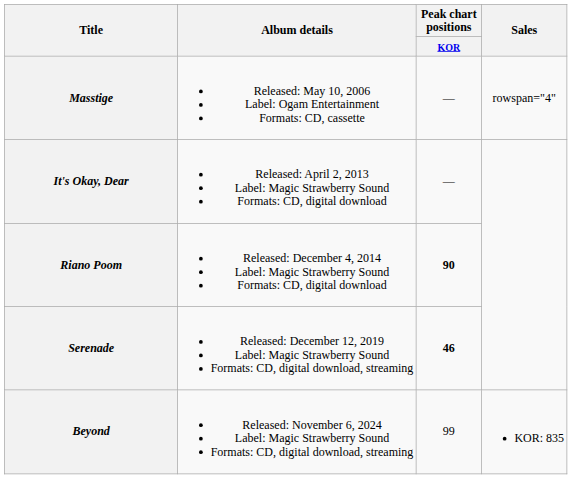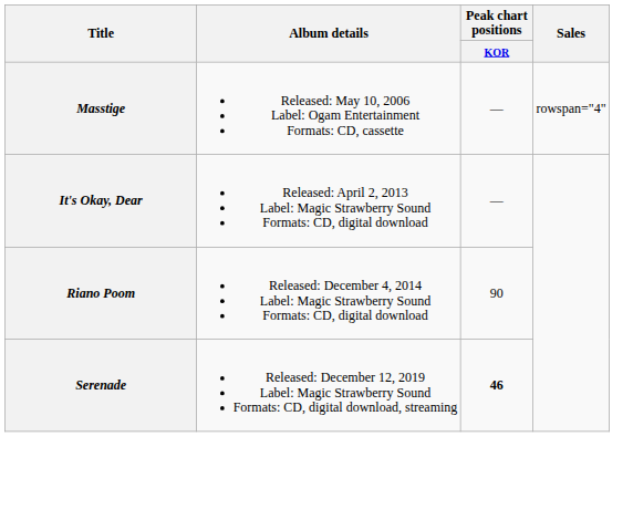 <table class="wikitable plainrowheaders" style="text-align:center;">
 <tr>
 <th scope="col" rowspan="2" style="width:14em;">Title</th>
 <th scope="col" rowspan="2">Album details</th>
 <th scope="col" colspan="1" style="width:5em;">Peak chart positions</th>
 <th scope="col" rowspan="2">Sales</th>
 </tr>
 <tr>
 <th><small><a href='#'>KOR</a></small><br></th>
 </tr>
 <tr>
 <th scope="row"><em>Masstige</em></th>
 <td><br><ul><li>Released: May 10, 2006</li><li>Label: Ogam Entertainment</li><li>Formats: CD, cassette</li></ul></td>
 <td>—</td>
 <td>rowspan="4" </td>
 </tr>
 <tr>
 <th scope="row"><em>It's Okay, Dear</em></th>
 <td><br><ul><li>Released: April 2, 2013</li><li>Label: Magic Strawberry Sound</li><li>Formats: CD, digital download</li></ul></td>
 <td>—</td>
 </tr>
 <tr>
 <th scope="row"><em>Riano Poom</em><br></th>
 <td><br><ul><li>Released: December 4, 2014</li><li>Label: Magic Strawberry Sound</li><li>Formats: CD, digital download</li></ul></td>
-<td><strong>90</strong></td>
+<td>90</td>
 </tr>
 <tr>
 <th scope="row"><em>Serenade</em></th>
 <td><br><ul><li>Released: December 12, 2019</li><li>Label: Magic Strawberry Sound</li><li>Formats: CD, digital download, streaming</li></ul></td>
 <td><strong>46</strong></td>
 </tr>
-<tr>
-<th scope="row"><em>Beyond</em></th>
-<td><br><ul><li>Released: November 6, 2024</li><li>Label: Magic Strawberry Sound</li><li>Formats: CD, digital download, streaming</li></ul></td>
-<td>99</td>
-<td><br><ul><li>KOR: 835</li></ul></td>
-</tr>
 </table>
